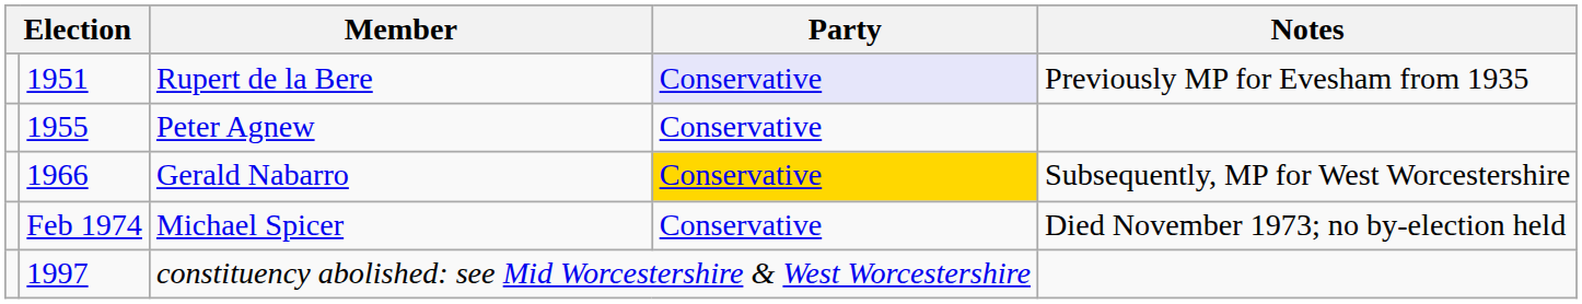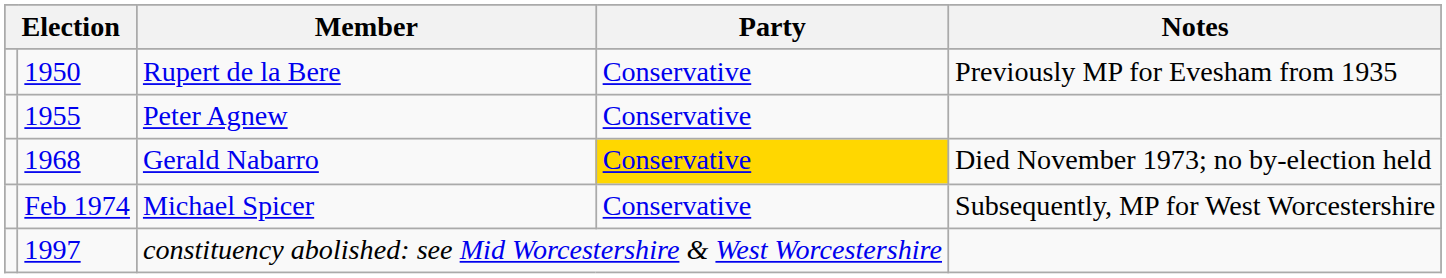 <table class="wikitable">
 <tr>
 <th colspan="2">Election</th>
 <th>Member</th>
 <th>Party</th>
 <th>Notes</th>
 </tr>
 <tr>
 <td style="color:inherit;background-color: "></td>
-<td><a href='#'>1951</a></td>
+<td><a href='#'>1950</a></td>
 <td><a href='#'>Rupert de la Bere</a></td>
-<td style="background: lavender;"><a href='#'>Conservative</a></td>
+<td><a href='#'>Conservative</a></td>
 <td>Previously MP for Evesham from 1935</td>
 </tr>
 <tr>
 <td style="color:inherit;background-color: "></td>
 <td><a href='#'>1955</a></td>
 <td><a href='#'>Peter Agnew</a></td>
 <td><a href='#'>Conservative</a></td>
 </tr>
 <tr>
 <td style="color:inherit;background-color: "></td>
-<td><a href='#'>1966</a></td>
+<td><a href='#'>1968</a></td>
 <td><a href='#'>Gerald Nabarro</a></td>
 <td style="background: gold;"><a href='#'>Conservative</a></td>
-<td>Subsequently, MP for West Worcestershire</td>
+<td>Died November 1973; no by-election held</td>
 </tr>
 <tr>
 <td style="color:inherit;background-color: "></td>
 <td><a href='#'>Feb 1974</a></td>
 <td><a href='#'>Michael Spicer</a></td>
 <td><a href='#'>Conservative</a></td>
-<td>Died November 1973; no by-election held</td>
+<td>Subsequently, MP for West Worcestershire</td>
 </tr>
 <tr>
 <td></td>
 <td><a href='#'>1997</a></td>
 <td colspan="2"><em>constituency abolished: see <a href='#'>Mid Worcestershire</a> & <a href='#'>West Worcestershire</a></em></td>
 </tr>
 </table>
